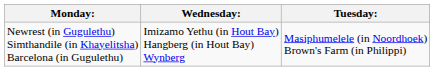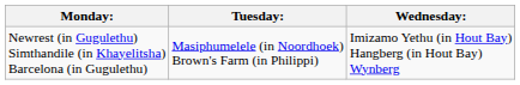 <table class="wikitable">
 <tr>
 <th><strong>Monday:</strong></th>
+<th><strong>Tuesday:</strong></th>
 <th><strong>Wednesday:</strong></th>
-<th><strong>Tuesday:</strong></th>
 </tr>
 <tr>
 <td>Newrest (in <a href='#'>Gugulethu</a>)<br>Simthandile (in <a href='#'>Khayelitsha</a>)<br>Barcelona (in Gugulethu)</td>
+<td><a href='#'>Masiphumelele</a> (in <a href='#'>Noordhoek</a>)<br>Brown's Farm (in Philippi)</td>
 <td>Imizamo Yethu (in <a href='#'>Hout Bay</a>)<br>Hangberg (in Hout Bay)<br><a href='#'>Wynberg</a></td>
-<td><a href='#'>Masiphumelele</a> (in <a href='#'>Noordhoek</a>)<br>Brown's Farm (in Philippi)</td>
 </tr>
 </table>
